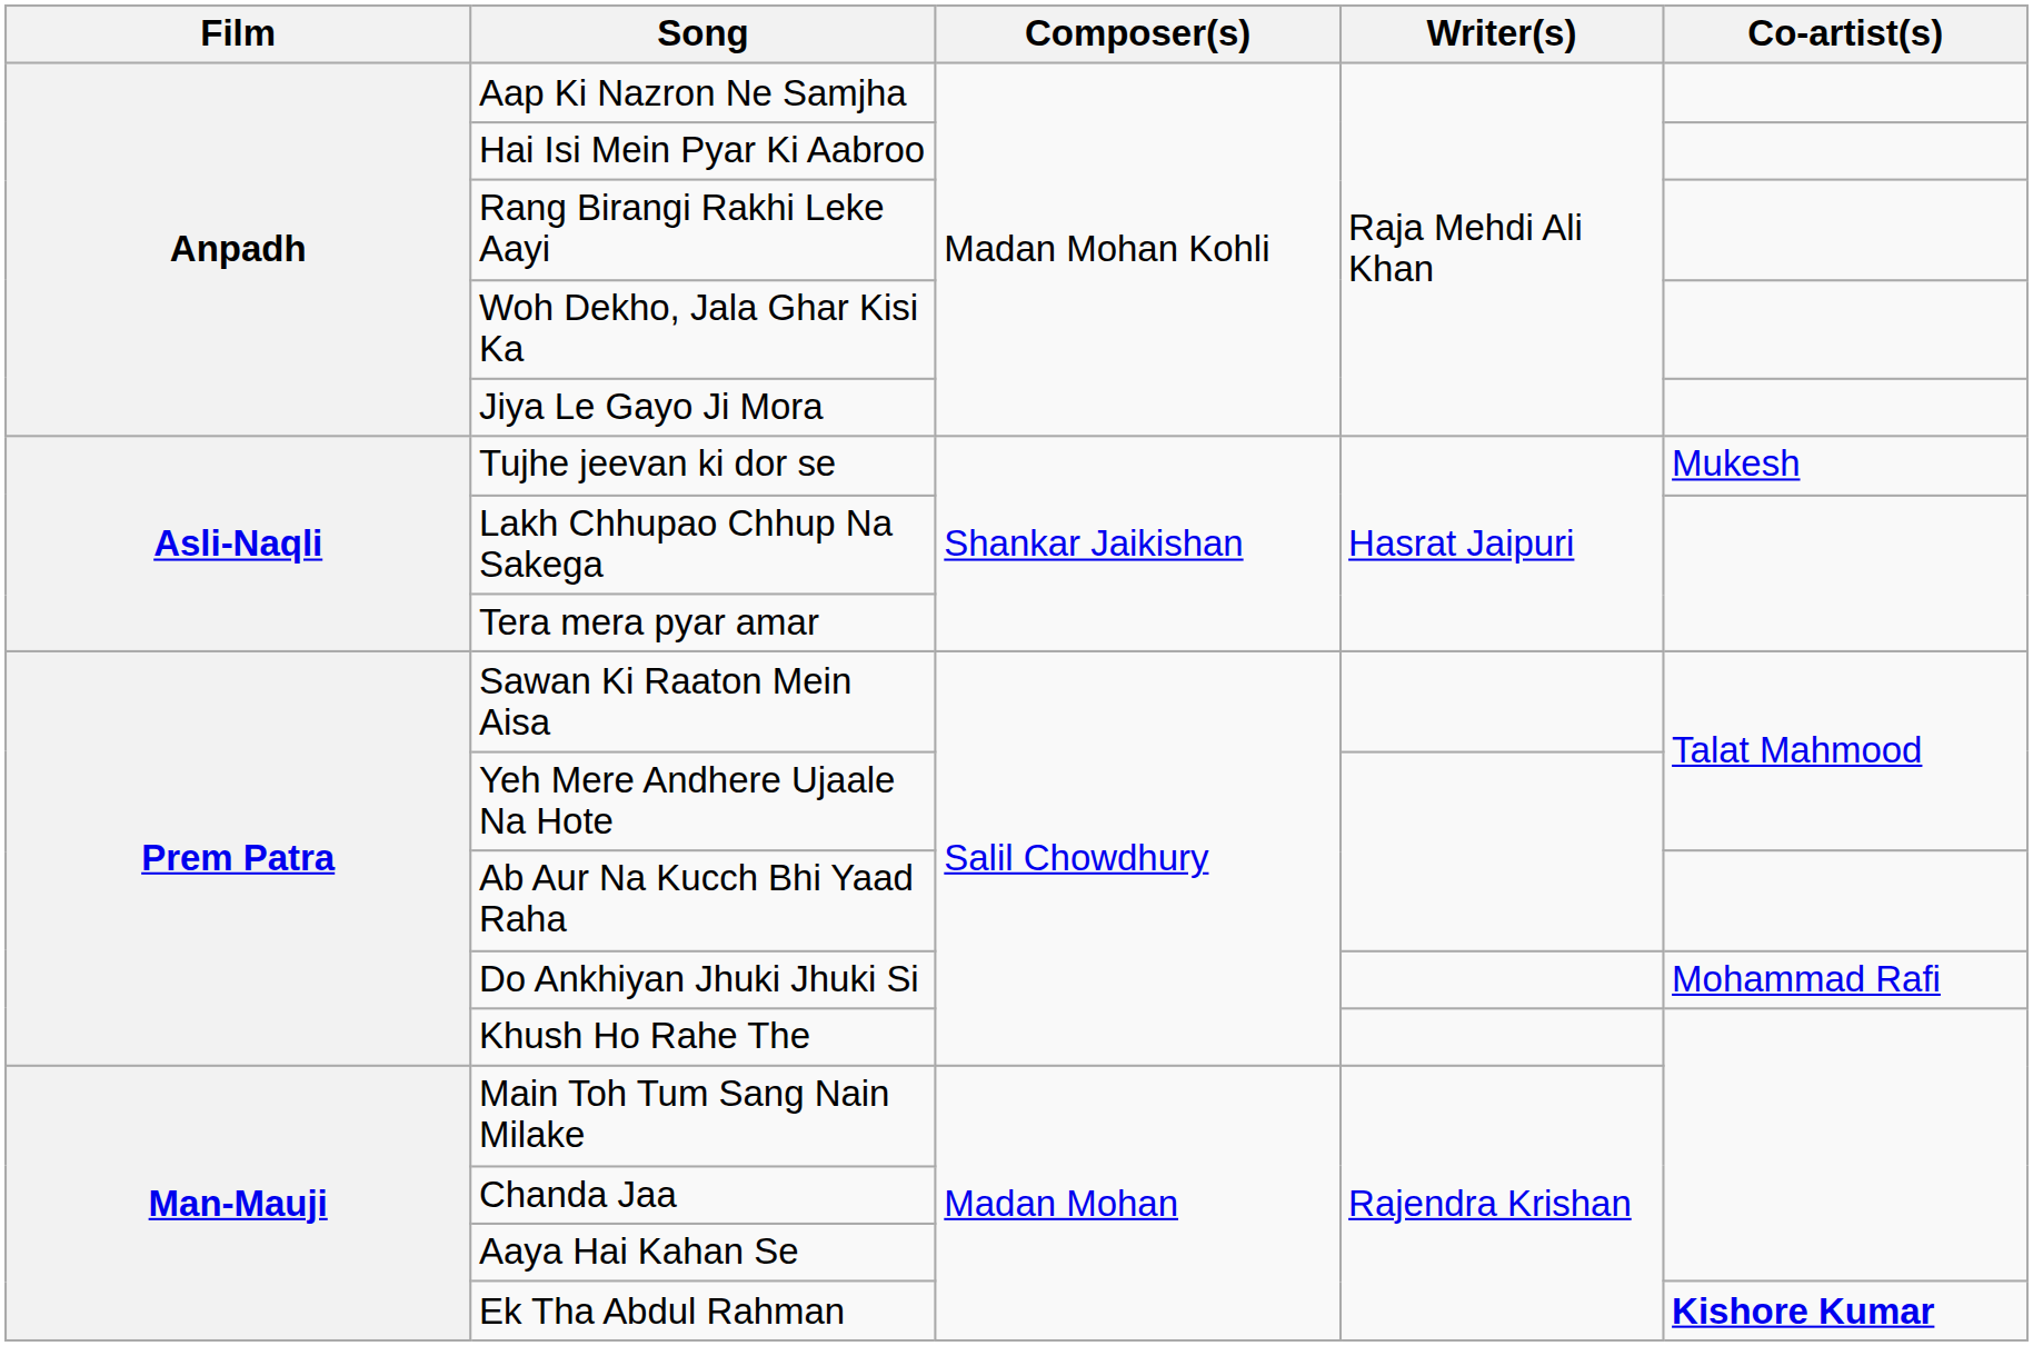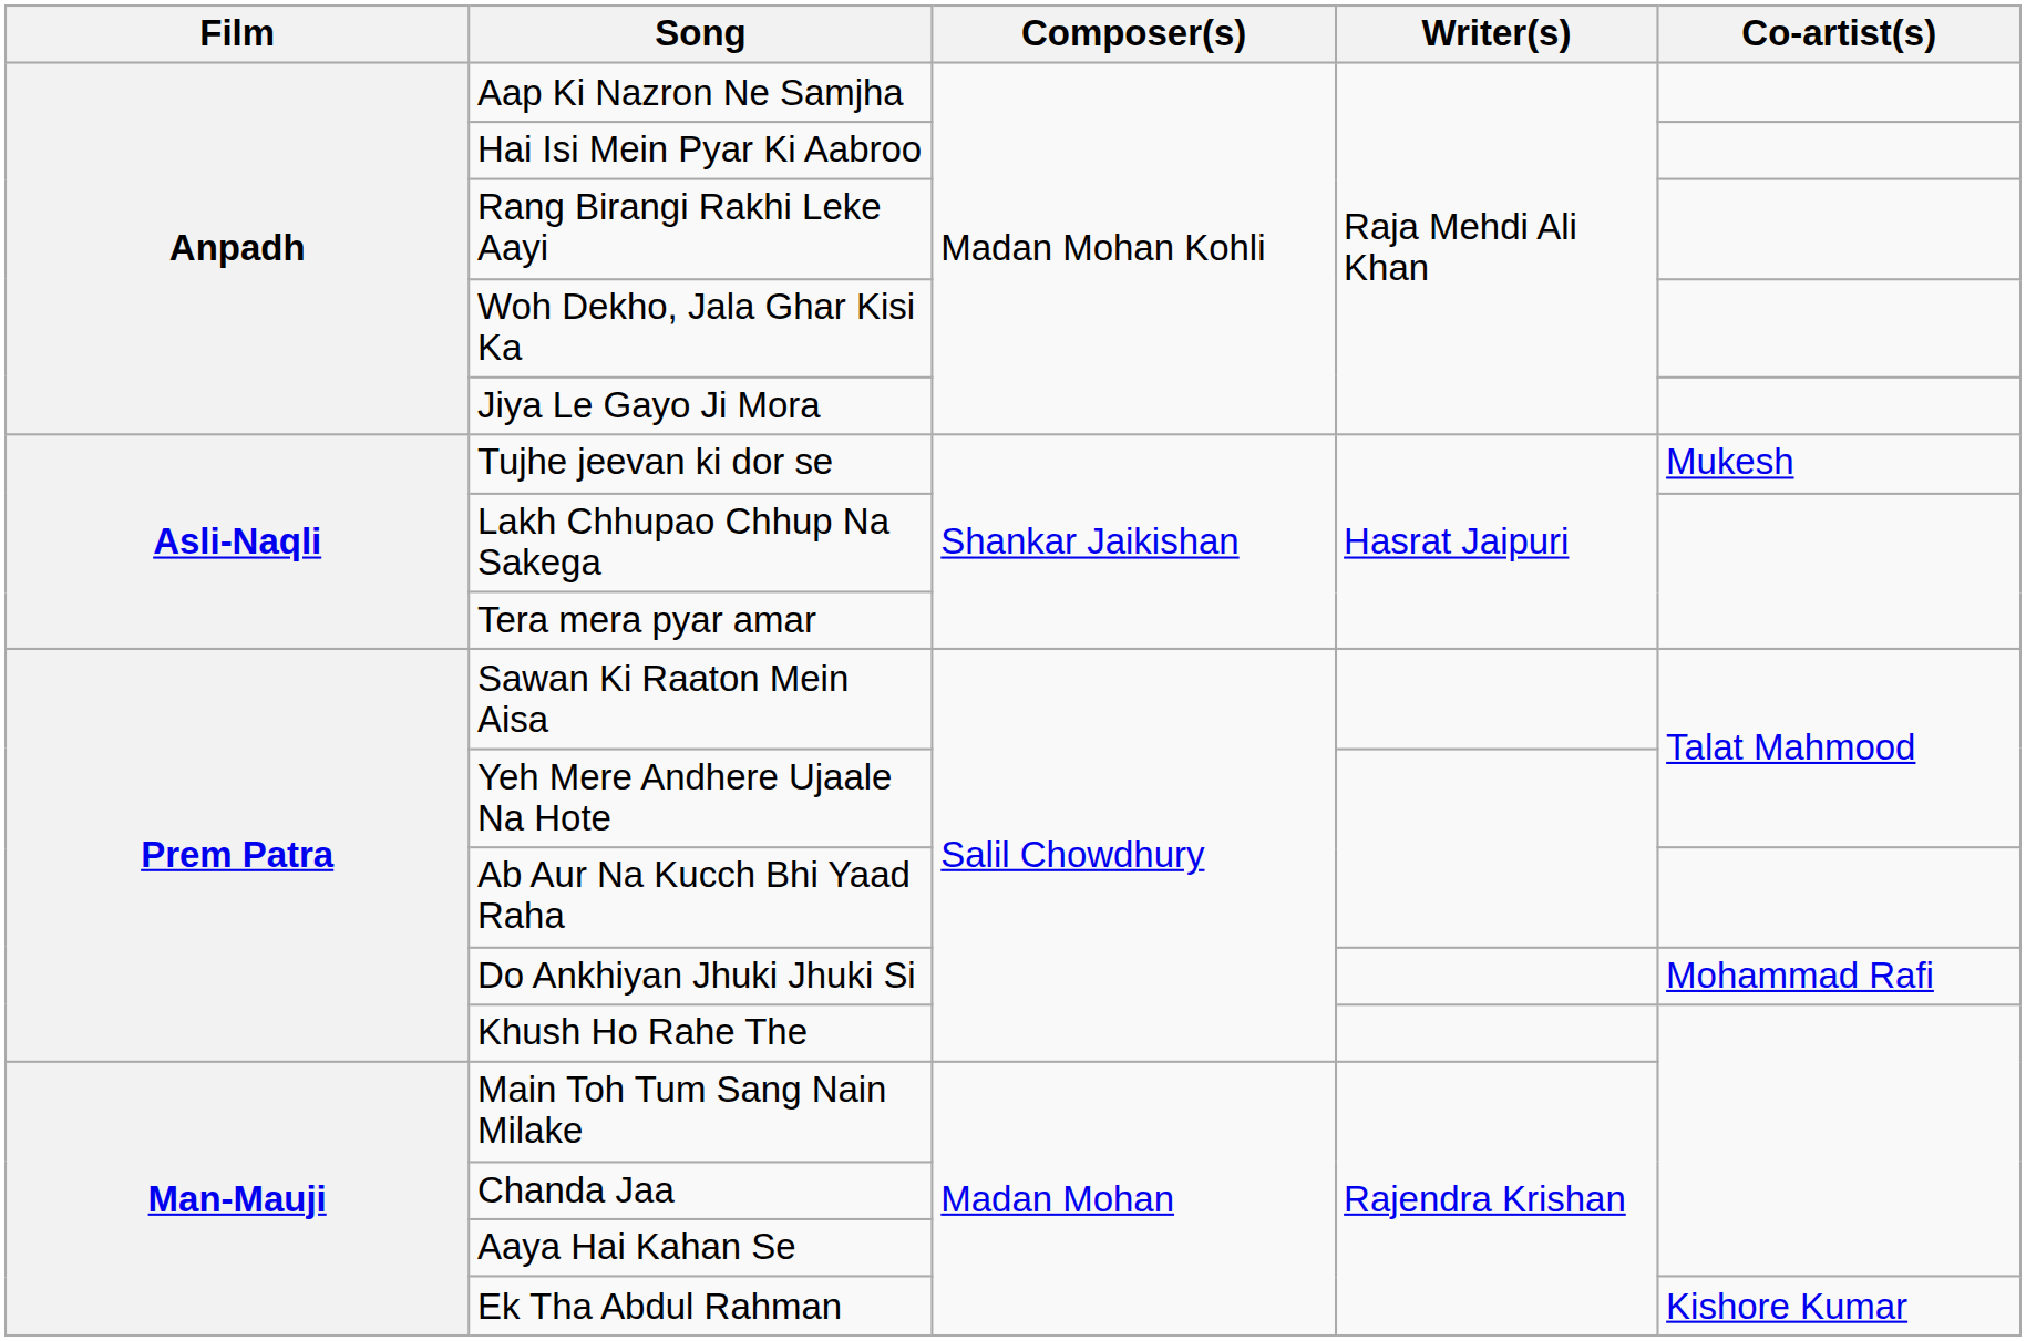 <table class="wikitable plainrowheaders" style="width:100%; textcolor:#000">
 <tr style="background:#b0e0e66;">
 <th scope="col" style="width:23%;"><strong>Film</strong></th>
 <th scope="col" style="width:23%;"><strong>Song</strong></th>
 <th scope="col" style="width:20%;"><strong>Composer(s)</strong></th>
 <th scope="col" style="width:16%;"><strong>Writer(s)</strong></th>
 <th scope="col" style="width:18%;"><strong>Co-artist(s)</strong></th>
 </tr>
 <tr>
 <th rowspan="5">Anpadh</th>
 <td>Aap Ki Nazron Ne Samjha</td>
 <td rowspan="5">Madan Mohan Kohli</td>
 <td rowspan="5">Raja Mehdi Ali Khan</td>
 <td></td>
 </tr>
 <tr>
 <td>Hai Isi Mein Pyar Ki Aabroo</td>
 <td></td>
 </tr>
 <tr>
 <td>Rang Birangi Rakhi Leke Aayi</td>
 <td></td>
 </tr>
 <tr>
 <td>Woh Dekho, Jala Ghar Kisi Ka</td>
 <td></td>
 </tr>
 <tr>
 <td>Jiya Le Gayo Ji Mora</td>
 <td></td>
 </tr>
 <tr>
 <th Rowspan=3><a href='#'>Asli-Naqli</a></th>
 <td>Tujhe jeevan ki dor se</td>
 <td rowspan="3"><a href='#'>Shankar Jaikishan</a></td>
 <td rowspan="3"><a href='#'>Hasrat Jaipuri</a></td>
 <td><a href='#'>Mukesh</a></td>
 </tr>
 <tr>
 <td>Lakh Chhupao Chhup Na Sakega</td>
 <td rowspan=2></td>
 </tr>
 <tr>
 <td>Tera mera pyar amar</td>
 </tr>
 <tr>
 <th Rowspan=5><a href='#'>Prem Patra</a></th>
 <td>Sawan Ki Raaton Mein Aisa</td>
 <td rowspan="5"><a href='#'>Salil Chowdhury</a></td>
 <td></td>
 <td rowspan=2><a href='#'>Talat Mahmood</a></td>
 </tr>
 <tr>
 <td>Yeh Mere Andhere Ujaale Na Hote</td>
 <td rowspan=2></td>
 </tr>
 <tr>
 <td>Ab Aur Na Kucch Bhi Yaad Raha</td>
 <td></td>
 </tr>
 <tr>
 <td>Do Ankhiyan Jhuki Jhuki Si</td>
 <td></td>
 <td><a href='#'>Mohammad Rafi</a></td>
 </tr>
 <tr>
 <td>Khush Ho Rahe The</td>
 <td></td>
 <td rowspan=4></td>
 </tr>
 <tr>
 <th Rowspan=4><a href='#'>Man-Mauji</a></th>
 <td>Main Toh Tum Sang Nain Milake</td>
 <td rowspan="4"><a href='#'>Madan Mohan</a></td>
 <td rowspan="4"><a href='#'>Rajendra Krishan</a></td>
 </tr>
 <tr>
 <td>Chanda Jaa</td>
 </tr>
 <tr>
 <td>Aaya Hai Kahan Se</td>
 </tr>
 <tr>
 <td>Ek Tha Abdul Rahman</td>
-<td><strong><a href='#'>Kishore Kumar</a></strong></td>
+<td><a href='#'>Kishore Kumar</a></td>
 </tr>
 </table>
